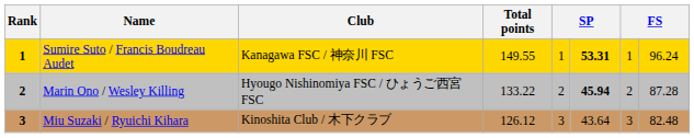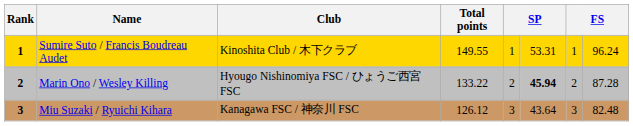 <table class="wikitable sortable">
 <tr>
 <th>Rank</th>
 <th>Name</th>
 <th>Club</th>
 <th>Total points</th>
 <th colspan="2" width="80px"><a href='#'>SP</a></th>
 <th colspan="2" width="80px"><a href='#'>FS</a></th>
 </tr>
 <tr bgcolor="gold">
 <td align="center"><strong>1</strong></td>
 <td><a href='#'>Sumire Suto</a> / <a href='#'>Francis Boudreau Audet</a></td>
-<td>Kanagawa FSC / 神奈川 FSC</td>
+<td>Kinoshita Club / 木下クラブ</td>
 <td align="center">149.55</td>
 <td align="center">1</td>
-<td align="center"><strong>53.31</strong></td>
+<td align="center">53.31</td>
 <td align="center">1</td>
 <td align="center">96.24</td>
 </tr>
 <tr bgcolor="silver">
 <td align="center"><strong>2</strong></td>
 <td><a href='#'>Marin Ono</a> / <a href='#'>Wesley Killing</a></td>
 <td>Hyougo Nishinomiya FSC / ひょうご西宮FSC</td>
 <td align="center">133.22</td>
 <td align="center">2</td>
 <td align="center"><strong>45.94</strong></td>
 <td align="center">2</td>
 <td align="center">87.28</td>
 </tr>
 <tr bgcolor="cc9966">
 <td align="center"><strong>3</strong></td>
 <td><a href='#'>Miu Suzaki</a> / <a href='#'>Ryuichi Kihara</a></td>
-<td>Kinoshita Club / 木下クラブ</td>
+<td>Kanagawa FSC / 神奈川 FSC</td>
 <td align="center">126.12</td>
 <td align="center">3</td>
 <td align="center">43.64</td>
 <td align="center">3</td>
 <td align="center">82.48</td>
 </tr>
 </table>
